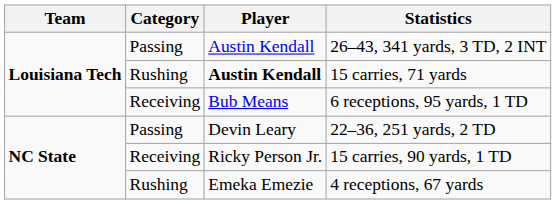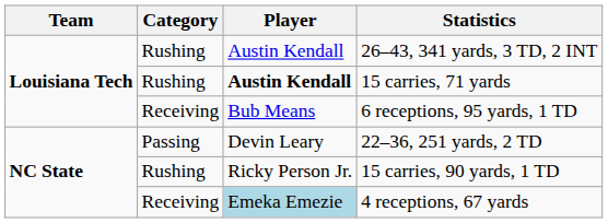 <table class="wikitable" style="float: left;">
 <tr>
 <th>Team</th>
 <th>Category</th>
 <th>Player</th>
 <th>Statistics</th>
 </tr>
 <tr>
 <td rowspan=3><strong>Louisiana Tech</strong></td>
-<td>Passing</td>
+<td>Rushing</td>
 <td><a href='#'>Austin Kendall</a></td>
 <td>26–43, 341 yards, 3 TD, 2 INT</td>
 </tr>
 <tr>
 <td>Rushing</td>
 <td><strong>Austin Kendall</strong></td>
 <td>15 carries, 71 yards</td>
 </tr>
 <tr>
 <td>Receiving</td>
 <td><a href='#'>Bub Means</a></td>
 <td>6 receptions, 95 yards, 1 TD</td>
 </tr>
 <tr>
 <td rowspan=3><strong>NC State</strong></td>
 <td>Passing</td>
 <td>Devin Leary</td>
 <td>22–36, 251 yards, 2 TD</td>
 </tr>
 <tr>
-<td>Receiving</td>
+<td>Rushing</td>
 <td>Ricky Person Jr.</td>
 <td>15 carries, 90 yards, 1 TD</td>
 </tr>
 <tr>
-<td>Rushing</td>
-<td>Emeka Emezie</td>
+<td>Receiving</td>
+<td style="background: lightblue;">Emeka Emezie</td>
 <td>4 receptions, 67 yards</td>
 </tr>
 </table>
